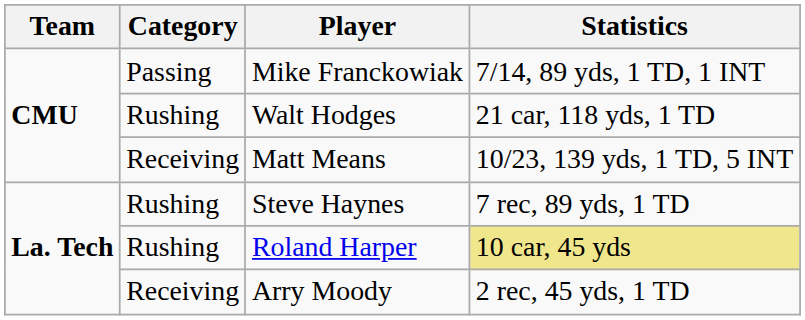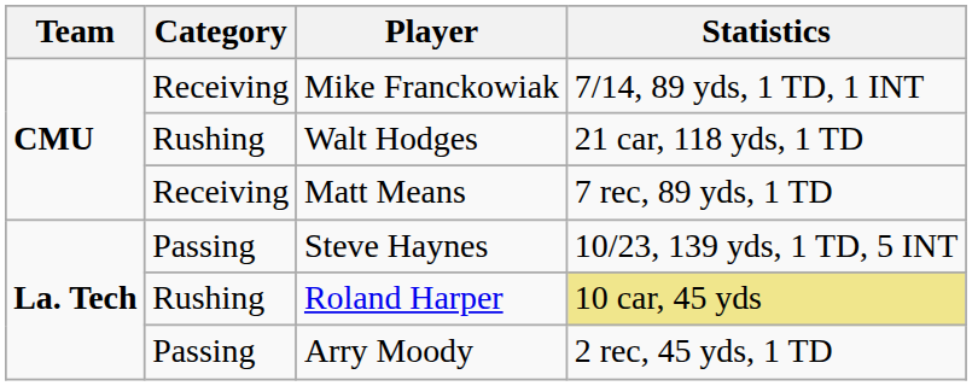 <table class="wikitable">
 <tr>
 <th>Team</th>
 <th>Category</th>
 <th>Player</th>
 <th>Statistics</th>
 </tr>
 <tr>
 <td rowspan=3><strong>CMU</strong></td>
-<td>Passing</td>
+<td>Receiving</td>
 <td>Mike Franckowiak</td>
 <td>7/14, 89 yds, 1 TD, 1 INT</td>
 </tr>
 <tr>
 <td>Rushing</td>
 <td>Walt Hodges</td>
 <td>21 car, 118 yds, 1 TD</td>
 </tr>
 <tr>
 <td>Receiving</td>
 <td>Matt Means</td>
-<td>10/23, 139 yds, 1 TD, 5 INT</td>
+<td>7 rec, 89 yds, 1 TD</td>
 </tr>
 <tr>
 <td rowspan=3><strong>La. Tech</strong></td>
-<td>Rushing</td>
+<td>Passing</td>
 <td>Steve Haynes</td>
-<td>7 rec, 89 yds, 1 TD</td>
+<td>10/23, 139 yds, 1 TD, 5 INT</td>
 </tr>
 <tr>
 <td>Rushing</td>
 <td><a href='#'>Roland Harper</a></td>
 <td style="background: khaki;">10 car, 45 yds</td>
 </tr>
 <tr>
-<td>Receiving</td>
+<td>Passing</td>
 <td>Arry Moody</td>
 <td>2 rec, 45 yds, 1 TD</td>
 </tr>
 </table>
